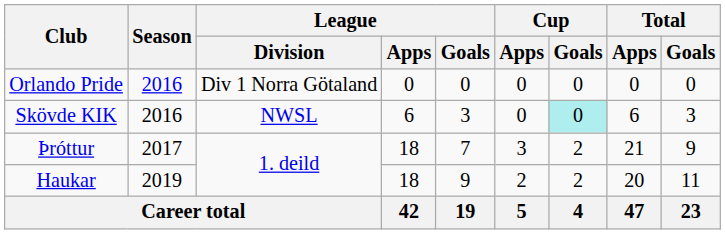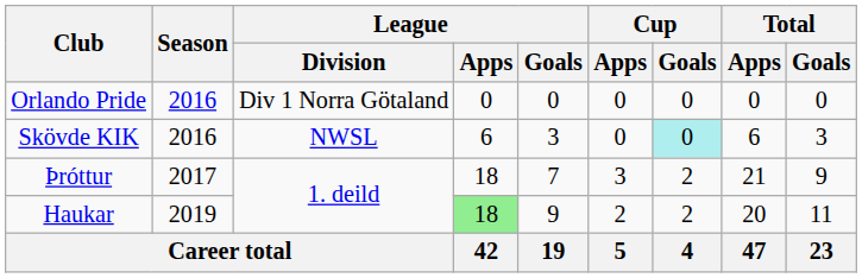 <table class="wikitable" style="text-align: center;">
 <tr>
 <th rowspan="2">Club</th>
 <th rowspan="2">Season</th>
 <th colspan="3">League</th>
 <th colspan="2">Cup</th>
 <th colspan="2">Total</th>
 </tr>
 <tr>
 <th>Division</th>
 <th>Apps</th>
 <th>Goals</th>
 <th>Apps</th>
 <th>Goals</th>
 <th>Apps</th>
 <th>Goals</th>
 </tr>
 <tr>
 <td><a href='#'>Orlando Pride</a></td>
 <td><a href='#'>2016</a></td>
 <td>Div 1 Norra Götaland</td>
 <td>0</td>
 <td>0</td>
 <td>0</td>
 <td>0</td>
 <td>0</td>
 <td>0</td>
 </tr>
 <tr>
 <td><a href='#'>Skövde KIK</a></td>
 <td>2016</td>
 <td><a href='#'>NWSL</a></td>
 <td>6</td>
 <td>3</td>
 <td>0</td>
 <td style="background: paleturquoise;">0</td>
 <td>6</td>
 <td>3</td>
 </tr>
 <tr>
 <td><a href='#'>Þróttur</a></td>
 <td>2017</td>
 <td rowspan="2"><a href='#'>1. deild</a></td>
 <td>18</td>
 <td>7</td>
 <td>3</td>
 <td>2</td>
 <td>21</td>
 <td>9</td>
 </tr>
 <tr>
 <td><a href='#'>Haukar</a></td>
 <td>2019</td>
-<td>18</td>
+<td style="background: lightgreen;">18</td>
 <td>9</td>
 <td>2</td>
 <td>2</td>
 <td>20</td>
 <td>11</td>
 </tr>
 <tr>
 <th colspan="3">Career total</th>
 <th>42</th>
 <th>19</th>
 <th>5</th>
 <th>4</th>
 <th>47</th>
 <th>23</th>
 </tr>
 </table>
